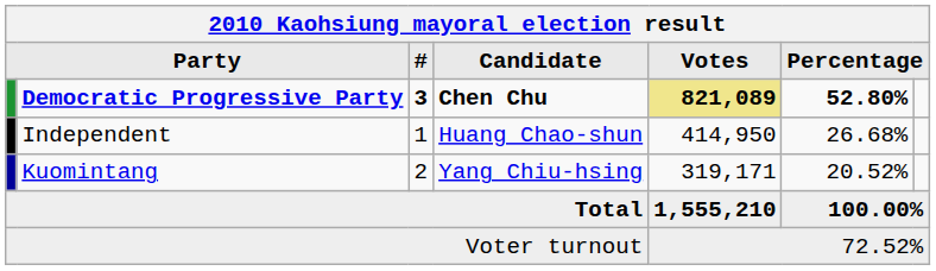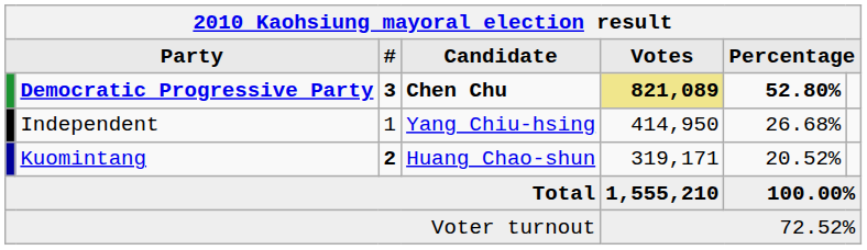 <table class="wikitable sortable mw-collapsible">
 <tr>
 <th colspan="7"><a href='#'>2010 Kaohsiung mayoral election</a> result</th>
 </tr>
 <tr>
 <th style="background-color:#E9E9E9" colspan=2 style="width: 18em">Party</th>
 <th style="background-color:#E9E9E9" style="width: 2em">#</th>
 <th style="background-color:#E9E9E9" style="width: 13em">Candidate</th>
 <th style="background-color:#E9E9E9" style="width: 6em">Votes</th>
 <th style="background-color:#E9E9E9" colspan=2 style="width: 11em">Percentage</th>
 </tr>
 <tr>
 <td bgcolor="#1B9431"></td>
 <td align=left><strong><a href='#'>Democratic Progressive Party</a></strong></td>
 <td align=center><strong>3</strong></td>
 <td align=left><strong>Chen Chu</strong></td>
 <td align=right style="background: khaki;"><strong>821,089</strong></td>
 <td align=right><strong>52.80%</strong></td>
 <td align=right> </td>
 </tr>
 <tr>
 <td bgcolor="#000000"></td>
 <td align=left> Independent</td>
 <td align=center>1</td>
-<td align=left><a href='#'>Huang Chao-shun</a></td>
+<td align=left><a href='#'>Yang Chiu-hsing</a></td>
 <td align=right>414,950</td>
 <td align=right>26.68%</td>
 <td align=right></td>
 </tr>
 <tr>
 <td bgcolor="#000099"></td>
 <td align=left> <a href='#'>Kuomintang</a></td>
-<td align=center>2</td>
-<td align=left><a href='#'>Yang Chiu-hsing</a></td>
+<td align=center><strong>2</strong></td>
+<td align=left><a href='#'>Huang Chao-shun</a></td>
 <td align=right>319,171</td>
 <td align=right>20.52%</td>
 <td align=right></td>
 </tr>
 <tr bgcolor="#EEEEEE">
 <td colspan="4" align=right><strong>Total</strong></td>
 <td align=right><strong>1,555,210</strong></td>
 <td align=right colspan=2><strong>100.00%</strong></td>
 </tr>
 <tr bgcolor="#EEEEEE">
 <td colspan="4" align="right">Voter turnout</td>
 <td colspan="3" align="right">72.52%</td>
 </tr>
 </table>
